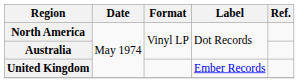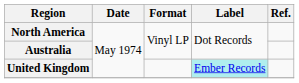 <table class="wikitable plainrowheaders">
 <tr>
 <th scope="col">Region</th>
 <th scope="col">Date</th>
 <th scope="col">Format</th>
 <th scope="col">Label</th>
 <th scope="col">Ref.</th>
 </tr>
 <tr>
 <th scope="row">North America</th>
 <td rowspan="3">May 1974</td>
 <td rowspan="2">Vinyl LP</td>
 <td rowspan="2">Dot Records</td>
 <td></td>
 </tr>
 <tr>
 <th scope="row">Australia</th>
 <td></td>
 </tr>
 <tr>
 <th scope="row">United Kingdom</th>
 <td></td>
-<td><a href='#'>Ember Records</a></td>
+<td style="background: paleturquoise;"><a href='#'>Ember Records</a></td>
 <td></td>
 </tr>
 <tr>
 </tr>
 </table>
